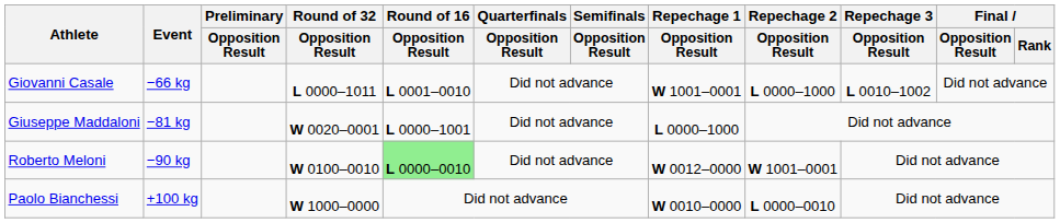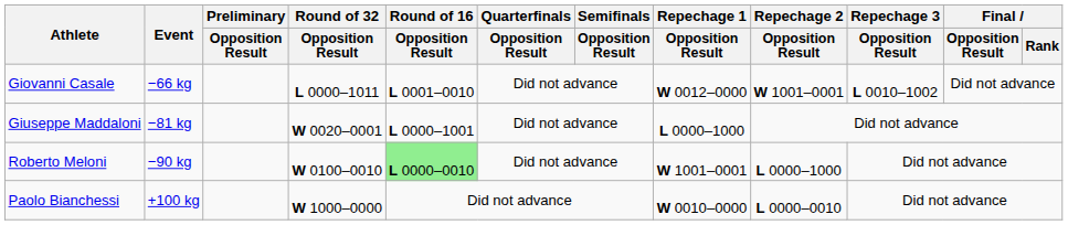 <table class="wikitable" style="font-size:90%">
 <tr>
 <th rowspan="2">Athlete</th>
 <th rowspan="2">Event</th>
 <th>Preliminary</th>
 <th>Round of 32</th>
 <th>Round of 16</th>
 <th>Quarterfinals</th>
 <th>Semifinals</th>
 <th>Repechage 1</th>
 <th>Repechage 2</th>
 <th>Repechage 3</th>
 <th colspan=2>Final / </th>
 </tr>
 <tr style="font-size:95%">
 <th>Opposition<br>Result</th>
 <th>Opposition<br>Result</th>
 <th>Opposition<br>Result</th>
 <th>Opposition<br>Result</th>
 <th>Opposition<br>Result</th>
 <th>Opposition<br>Result</th>
 <th>Opposition<br>Result</th>
 <th>Opposition<br>Result</th>
 <th>Opposition<br>Result</th>
 <th>Rank</th>
 </tr>
 <tr align=center>
 <td align=left><a href='#'>Giovanni Casale</a></td>
 <td align=left><a href='#'>−66 kg</a></td>
 <td></td>
 <td><br><strong>L</strong> 0000–1011</td>
 <td><br><strong>L</strong> 0001–0010</td>
 <td colspan=2>Did not advance</td>
+<td><br><strong>W</strong> 0012–0000</td>
 <td><br><strong>W</strong> 1001–0001</td>
-<td><br><strong>L</strong> 0000–1000</td>
 <td><br><strong>L</strong> 0010–1002</td>
 <td colspan=3>Did not advance</td>
 </tr>
 <tr align=center>
 <td align=left><a href='#'>Giuseppe Maddaloni</a></td>
 <td align=left><a href='#'>−81 kg</a></td>
 <td></td>
 <td><br><strong>W</strong> 0020–0001</td>
 <td><br><strong>L</strong> 0000–1001</td>
 <td colspan=2>Did not advance</td>
 <td><br><strong>L</strong> 0000–1000</td>
 <td colspan=4>Did not advance</td>
 </tr>
 <tr align=center>
 <td align=left><a href='#'>Roberto Meloni</a></td>
 <td align=left><a href='#'>−90 kg</a></td>
 <td></td>
 <td><br><strong>W</strong> 0100–0010</td>
 <td style="background: lightgreen;"><br><strong>L</strong> 0000–0010</td>
 <td colspan=2>Did not advance</td>
-<td><br><strong>W</strong> 0012–0000</td>
 <td><br><strong>W</strong> 1001–0001</td>
+<td><br><strong>L</strong> 0000–1000</td>
 <td colspan=3>Did not advance</td>
 </tr>
 <tr align=center>
 <td align=left><a href='#'>Paolo Bianchessi</a></td>
 <td align=left><a href='#'>+100 kg</a></td>
 <td></td>
 <td><br><strong>W</strong> 1000–0000</td>
 <td colspan=3>Did not advance</td>
 <td><br><strong>W</strong> 0010–0000</td>
 <td><br><strong>L</strong> 0000–0010</td>
 <td colspan=3>Did not advance</td>
 </tr>
 </table>
